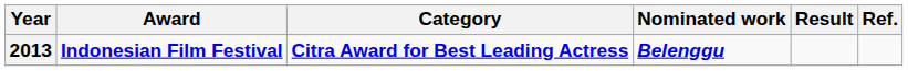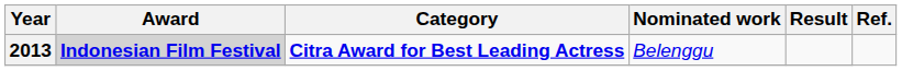 <table class="wikitable sortable">
 <tr>
 <th>Year</th>
 <th>Award</th>
 <th>Category</th>
 <th>Nominated work</th>
 <th>Result</th>
 <th>Ref.</th>
 </tr>
 <tr>
 <th>2013</th>
-<td><strong><a href='#'>Indonesian Film Festival</a></strong></td>
+<td style="background: lightgrey;"><strong><a href='#'>Indonesian Film Festival</a></strong></td>
 <td><strong><a href='#'>Citra Award for Best Leading Actress</a></strong></td>
-<td><strong><em><a href='#'>Belenggu</a></em></strong></td>
+<td><em><a href='#'>Belenggu</a></em></td>
 <td></td>
 </tr>
 <tr>
 </tr>
 </table>
